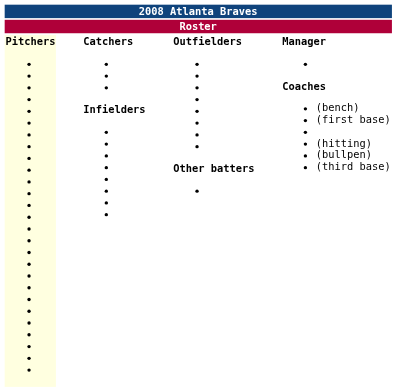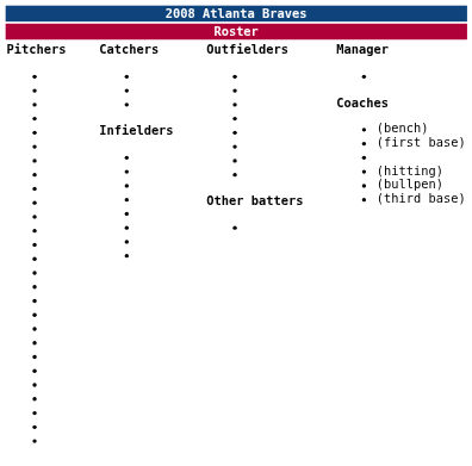 <table class="toccolours" style="font-size: 95%;">
 <tr>
 <th colspan="10" style="background:#0f437c; color:#fff; text-align:center;">2008 Atlanta Braves</th>
 </tr>
 <tr>
 <td colspan="10" style="background:#af0039; color:white; text-align:center;"><strong>Roster</strong></td>
 </tr>
 <tr>
-<td valign="top" style="background: lightyellow;"><strong>Pitchers</strong><br><ul><li></li><li></li><li></li><li></li><li></li><li></li><li></li><li></li><li></li><li></li><li></li><li></li><li></li><li></li><li></li><li></li><li></li><li></li><li></li><li></li><li></li><li></li><li></li><li></li><li></li><li></li><li></li></ul></td>
+<td valign="top"><strong>Pitchers</strong><br><ul><li></li><li></li><li></li><li></li><li></li><li></li><li></li><li></li><li></li><li></li><li></li><li></li><li></li><li></li><li></li><li></li><li></li><li></li><li></li><li></li><li></li><li></li><li></li><li></li><li></li><li></li><li></li></ul></td>
 <td style="width:25px;"></td>
 <td valign="top"><strong>Catchers</strong><br><ul><li></li><li></li><li></li></ul><strong>Infielders</strong><ul><li></li><li></li><li></li><li></li><li></li><li></li><li></li><li></li></ul></td>
 <td style="width:25px;"></td>
 <td valign="top"><strong>Outfielders</strong><br><ul><li></li><li></li><li></li><li></li><li></li><li></li><li></li><li></li></ul><strong>Other batters</strong><ul><li></li></ul></td>
 <td style="width:25px;"></td>
 <td valign="top"><strong>Manager</strong><br><ul><li></li></ul><strong>Coaches</strong><ul><li> (bench)</li><li> (first base)</li><li></li><li> (hitting)</li><li> (bullpen)</li><li> (third base)</li></ul></td>
 </tr>
 </table>
